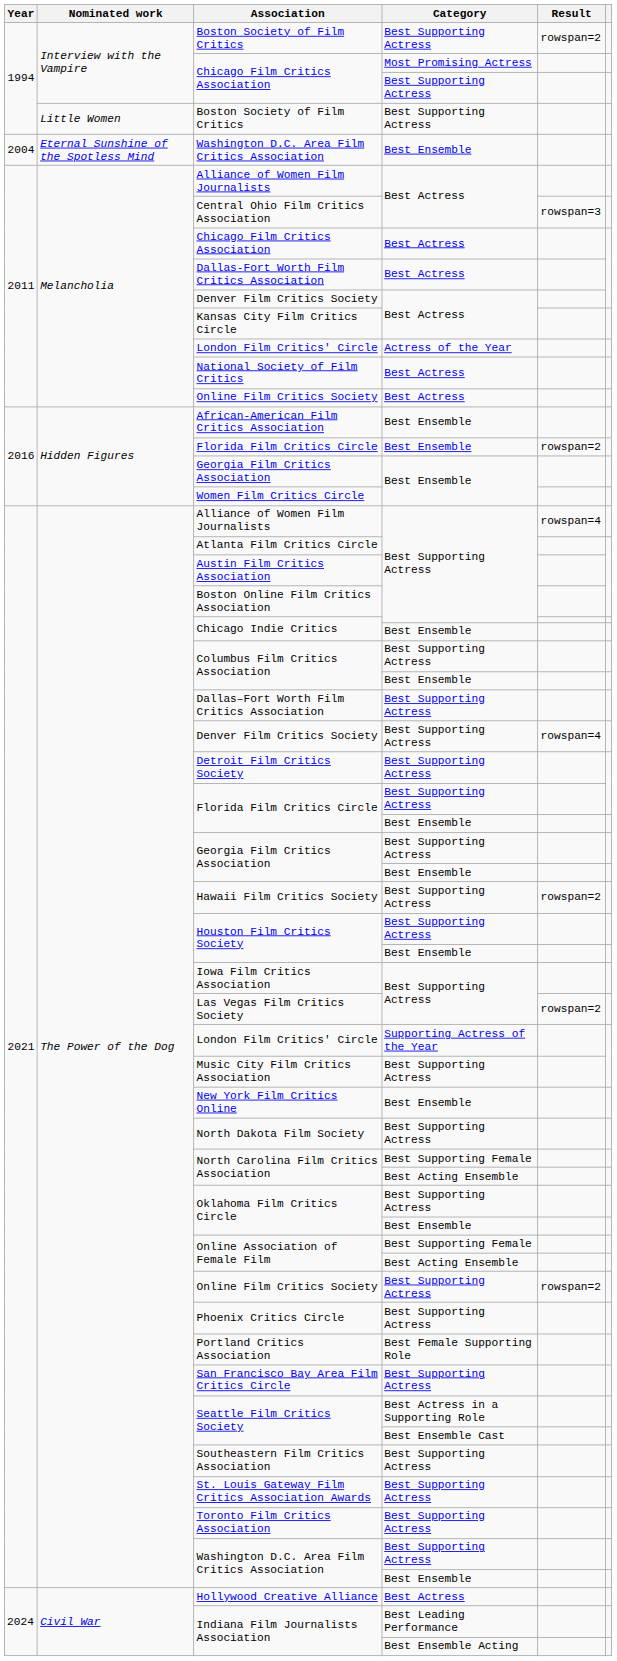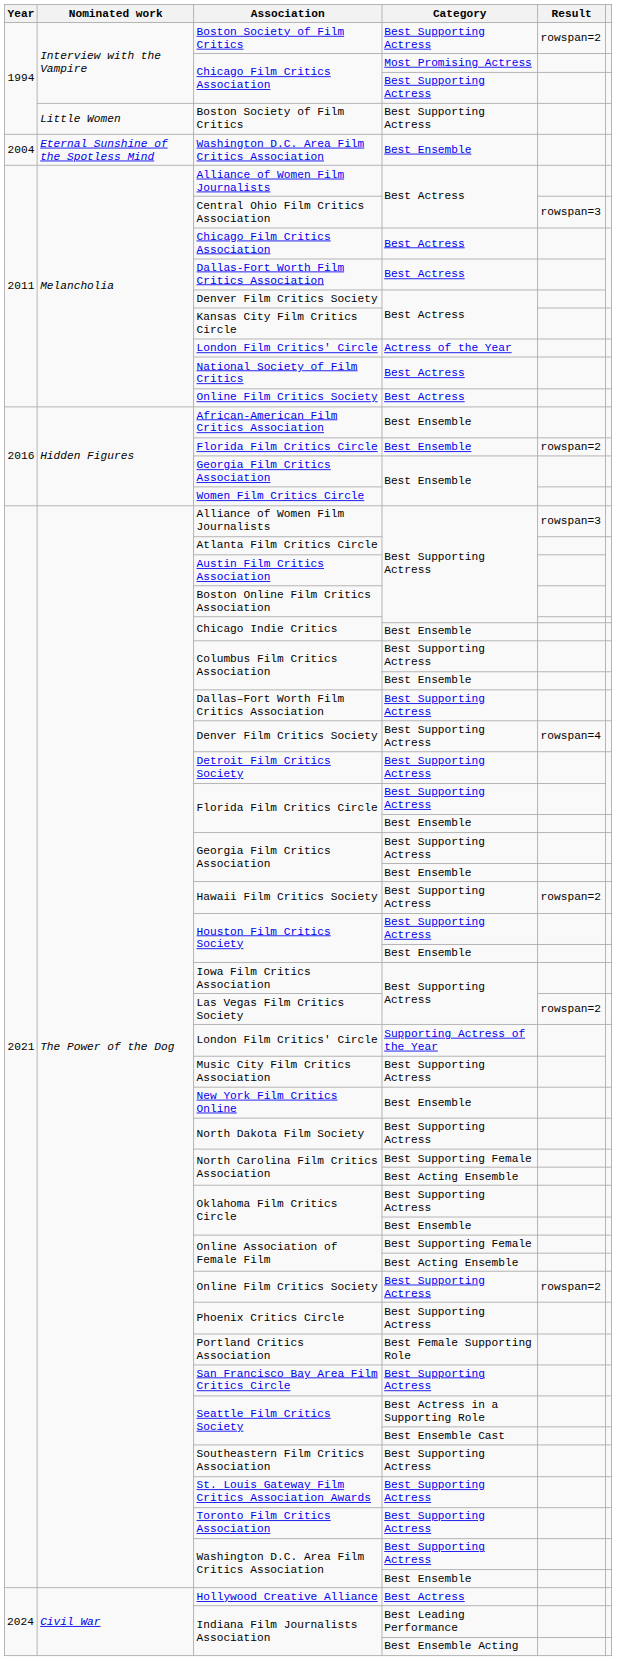 <table class="wikitable" style="width:80%;">
 <tr>
 <th width=5%>Year</th>
 <th style="width:25%;">Nominated work</th>
 <th style="width:30%;">Association</th>
 <th style="width:25%;">Category</th>
 <th style="width:10%;">Result</th>
 <th width=1%></th>
 </tr>
 <tr>
 <td rowspan=4 style="text-align:center;">1994</td>
 <td rowspan=3><em>Interview with the Vampire</em></td>
 <td><a href='#'>Boston Society of Film Critics</a></td>
 <td><a href='#'>Best Supporting Actress</a></td>
 <td>rowspan=2 </td>
 <td style="text-align:center;"></td>
 </tr>
 <tr>
 <td rowspan=2><a href='#'>Chicago Film Critics Association</a></td>
 <td><a href='#'>Most Promising Actress</a></td>
 <td style="text-align:center;"></td>
 </tr>
 <tr>
 <td><a href='#'>Best Supporting Actress</a></td>
 <td></td>
 <td style="text-align:center;"></td>
 </tr>
 <tr>
 <td><em>Little Women</em></td>
 <td>Boston Society of Film Critics</td>
 <td>Best Supporting Actress</td>
 <td></td>
 <td style="text-align:center;"></td>
 </tr>
 <tr>
 <td style="text-align:center;">2004</td>
 <td><em><a href='#'>Eternal Sunshine of the Spotless Mind</a></em></td>
 <td><a href='#'>Washington D.C. Area Film Critics Association</a></td>
 <td><a href='#'>Best Ensemble</a></td>
 <td></td>
 <td style="text-align:center;"></td>
 </tr>
 <tr>
 <td style="text-align:center;" rowspan=9>2011</td>
 <td rowspan=9><em>Melancholia</em></td>
 <td><a href='#'>Alliance of Women Film Journalists</a></td>
 <td rowspan=2>Best Actress</td>
 <td></td>
 <td style="text-align:center;"></td>
 </tr>
 <tr>
 <td>Central Ohio Film Critics Association</td>
 <td>rowspan=3 </td>
 <td style="text-align:center;"></td>
 </tr>
 <tr>
 <td><a href='#'>Chicago Film Critics Association</a></td>
 <td><a href='#'>Best Actress</a></td>
 <td style="text-align:center;"></td>
 </tr>
 <tr>
 <td><a href='#'>Dallas-Fort Worth Film Critics Association</a></td>
 <td><a href='#'>Best Actress</a></td>
 <td style="text-align:center;"></td>
 </tr>
 <tr>
 <td>Denver Film Critics Society</td>
 <td rowspan=2>Best Actress</td>
 <td style="text-align:center;"></td>
 </tr>
 <tr>
 <td>Kansas City Film Critics Circle</td>
 <td></td>
 <td style="text-align:center;"></td>
 </tr>
 <tr>
 <td><a href='#'>London Film Critics' Circle</a></td>
 <td><a href='#'>Actress of the Year</a></td>
 <td></td>
 <td style="text-align:center;"></td>
 </tr>
 <tr>
 <td><a href='#'>National Society of Film Critics</a></td>
 <td><a href='#'>Best Actress</a></td>
 <td></td>
 <td style="text-align:center;"></td>
 </tr>
 <tr>
 <td><a href='#'>Online Film Critics Society</a></td>
 <td><a href='#'>Best Actress</a></td>
 <td></td>
 <td style="text-align:center;"></td>
 </tr>
 <tr>
 <td rowspan=4 style="text-align:center;">2016</td>
 <td rowspan=4><em>Hidden Figures</em></td>
 <td><a href='#'>African-American Film Critics Association</a></td>
 <td>Best Ensemble</td>
 <td></td>
 <td style="text-align:center;"></td>
 </tr>
 <tr>
 <td><a href='#'>Florida Film Critics Circle</a></td>
 <td><a href='#'>Best Ensemble</a></td>
 <td>rowspan=2 </td>
 <td style="text-align:center;"></td>
 </tr>
 <tr>
 <td><a href='#'>Georgia Film Critics Association</a></td>
 <td rowspan=2>Best Ensemble</td>
 <td style="text-align:center;"></td>
 </tr>
 <tr>
 <td><a href='#'>Women Film Critics Circle</a></td>
 <td></td>
 <td style="text-align:center;"></td>
 </tr>
 <tr>
 <td rowspan=41 style="text-align:center;">2021</td>
 <td rowspan=41><em>The Power of the Dog</em></td>
 <td>Alliance of Women Film Journalists</td>
 <td rowspan=5>Best Supporting Actress</td>
-<td>rowspan=4 </td>
+<td>rowspan=3 </td>
 <td style="text-align:center;"></td>
 </tr>
 <tr>
 <td>Atlanta Film Critics Circle</td>
 <td style="text-align:center;"></td>
 </tr>
 <tr>
 <td><a href='#'>Austin Film Critics Association</a></td>
 <td style="text-align:center;"></td>
 </tr>
 <tr>
 <td>Boston Online Film Critics Association</td>
 <td style="text-align:center;"></td>
 </tr>
 <tr>
 <td rowspan=2>Chicago Indie Critics</td>
 <td></td>
 <td style="text-align:center;"></td>
 </tr>
 <tr>
 <td>Best Ensemble</td>
 <td></td>
 <td style="text-align:center;"></td>
 </tr>
 <tr>
 <td rowspan=2>Columbus Film Critics Association</td>
 <td>Best Supporting Actress</td>
 <td></td>
 <td style="text-align:center;"></td>
 </tr>
 <tr>
 <td>Best Ensemble</td>
 <td></td>
 <td style="text-align:center;"></td>
 </tr>
 <tr>
 <td>Dallas–Fort Worth Film Critics Association</td>
 <td><a href='#'>Best Supporting Actress</a></td>
 <td></td>
 <td style="text-align:center;"></td>
 </tr>
 <tr>
 <td>Denver Film Critics Society</td>
 <td>Best Supporting Actress</td>
 <td>rowspan=4 </td>
 <td style="text-align:center;"></td>
 </tr>
 <tr>
 <td><a href='#'>Detroit Film Critics Society</a></td>
 <td><a href='#'>Best Supporting Actress</a></td>
 <td style="text-align:center;"></td>
 </tr>
 <tr>
 <td rowspan=2>Florida Film Critics Circle</td>
 <td><a href='#'>Best Supporting Actress</a></td>
 <td style="text-align:center;"></td>
 </tr>
 <tr>
 <td>Best Ensemble</td>
 <td></td>
 <td style="text-align:center;"></td>
 </tr>
 <tr>
 <td rowspan=2>Georgia Film Critics Association</td>
 <td>Best Supporting Actress</td>
 <td></td>
 <td style="text-align:center;"></td>
 </tr>
 <tr>
 <td>Best Ensemble</td>
 <td></td>
 <td style="text-align:center;"></td>
 </tr>
 <tr>
 <td>Hawaii Film Critics Society</td>
 <td>Best Supporting Actress</td>
 <td>rowspan=2 </td>
 <td style="text-align:center;"></td>
 </tr>
 <tr>
 <td rowspan=2><a href='#'>Houston Film Critics Society</a></td>
 <td><a href='#'>Best Supporting Actress</a></td>
 <td style="text-align:center;"></td>
 </tr>
 <tr>
 <td>Best Ensemble</td>
 <td></td>
 <td style="text-align:center;"></td>
 </tr>
 <tr>
 <td>Iowa Film Critics Association</td>
 <td rowspan=2>Best Supporting Actress</td>
 <td></td>
 <td style="text-align:center;"></td>
 </tr>
 <tr>
 <td>Las Vegas Film Critics Society</td>
 <td>rowspan=2 </td>
 <td style="text-align:center;"></td>
 </tr>
 <tr>
 <td>London Film Critics' Circle</td>
 <td><a href='#'>Supporting Actress of the Year</a></td>
 <td style="text-align:center;"></td>
 </tr>
 <tr>
 <td>Music City Film Critics Association</td>
 <td>Best Supporting Actress</td>
 <td style="text-align:center;"></td>
 </tr>
 <tr>
 <td><a href='#'>New York Film Critics Online</a></td>
 <td>Best Ensemble</td>
 <td></td>
 <td style="text-align:center;"></td>
 </tr>
 <tr>
 <td>North Dakota Film Society</td>
 <td>Best Supporting Actress</td>
 <td></td>
 <td style="text-align:center;"></td>
 </tr>
 <tr>
 <td rowspan=2>North Carolina Film Critics Association</td>
 <td>Best Supporting Female</td>
 <td></td>
 <td style="text-align:center;"></td>
 </tr>
 <tr>
 <td>Best Acting Ensemble</td>
 <td></td>
 <td style="text-align:center;"></td>
 </tr>
 <tr>
 <td rowspan=2>Oklahoma Film Critics Circle</td>
 <td>Best Supporting Actress</td>
 <td></td>
 <td style="text-align:center;"></td>
 </tr>
 <tr>
 <td>Best Ensemble</td>
 <td></td>
 <td style="text-align:center;"></td>
 </tr>
 <tr>
 <td rowspan=2>Online Association of Female Film</td>
 <td>Best Supporting Female</td>
 <td></td>
 <td style="text-align:center;"></td>
 </tr>
 <tr>
 <td>Best Acting Ensemble</td>
 <td></td>
 <td style="text-align:center;"></td>
 </tr>
 <tr>
 <td>Online Film Critics Society</td>
 <td><a href='#'>Best Supporting Actress</a></td>
 <td>rowspan=2 </td>
 <td style="text-align:center;"></td>
 </tr>
 <tr>
 <td>Phoenix Critics Circle</td>
 <td>Best Supporting Actress</td>
 <td style="text-align:center;"></td>
 </tr>
 <tr>
 <td>Portland Critics Association</td>
 <td>Best Female Supporting Role</td>
 <td></td>
 <td style="text-align:center;"></td>
 </tr>
 <tr>
 <td><a href='#'>San Francisco Bay Area Film Critics Circle</a></td>
 <td><a href='#'>Best Supporting Actress</a></td>
 <td></td>
 <td style="text-align:center;"></td>
 </tr>
 <tr>
 <td rowspan=2><a href='#'>Seattle Film Critics Society</a></td>
 <td>Best Actress in a Supporting Role</td>
 <td></td>
 <td style="text-align:center;"></td>
 </tr>
 <tr>
 <td>Best Ensemble Cast</td>
 <td></td>
 <td style="text-align:center;"></td>
 </tr>
 <tr>
 <td>Southeastern Film Critics Association</td>
 <td>Best Supporting Actress</td>
 <td></td>
 <td style="text-align:center;"></td>
 </tr>
 <tr>
 <td><a href='#'>St. Louis Gateway Film Critics Association Awards</a></td>
 <td><a href='#'>Best Supporting Actress</a></td>
 <td></td>
 <td style="text-align:center;"></td>
 </tr>
 <tr>
 <td><a href='#'>Toronto Film Critics Association</a></td>
 <td><a href='#'>Best Supporting Actress</a></td>
 <td></td>
 <td style="text-align:center;"></td>
 </tr>
 <tr>
 <td rowspan=2>Washington D.C. Area Film Critics Association</td>
 <td><a href='#'>Best Supporting Actress</a></td>
 <td></td>
 <td style="text-align:center;"></td>
 </tr>
 <tr>
 <td>Best Ensemble</td>
 <td></td>
 <td style="text-align:center;"></td>
 </tr>
 <tr>
 <td rowspan=3>2024</td>
 <td rowspan=3><em><a href='#'>Civil War</a></em></td>
 <td><a href='#'>Hollywood Creative Alliance</a></td>
 <td><a href='#'>Best Actress</a></td>
 <td></td>
 <td style="text-align:center;"></td>
 </tr>
 <tr>
 <td rowspan=2>Indiana Film Journalists Association</td>
 <td>Best Leading Performance</td>
 <td></td>
 <td style="text-align:center;"></td>
 </tr>
 <tr>
 <td>Best Ensemble Acting</td>
 <td></td>
 <td style="text-align:center;"></td>
 </tr>
 </table>
